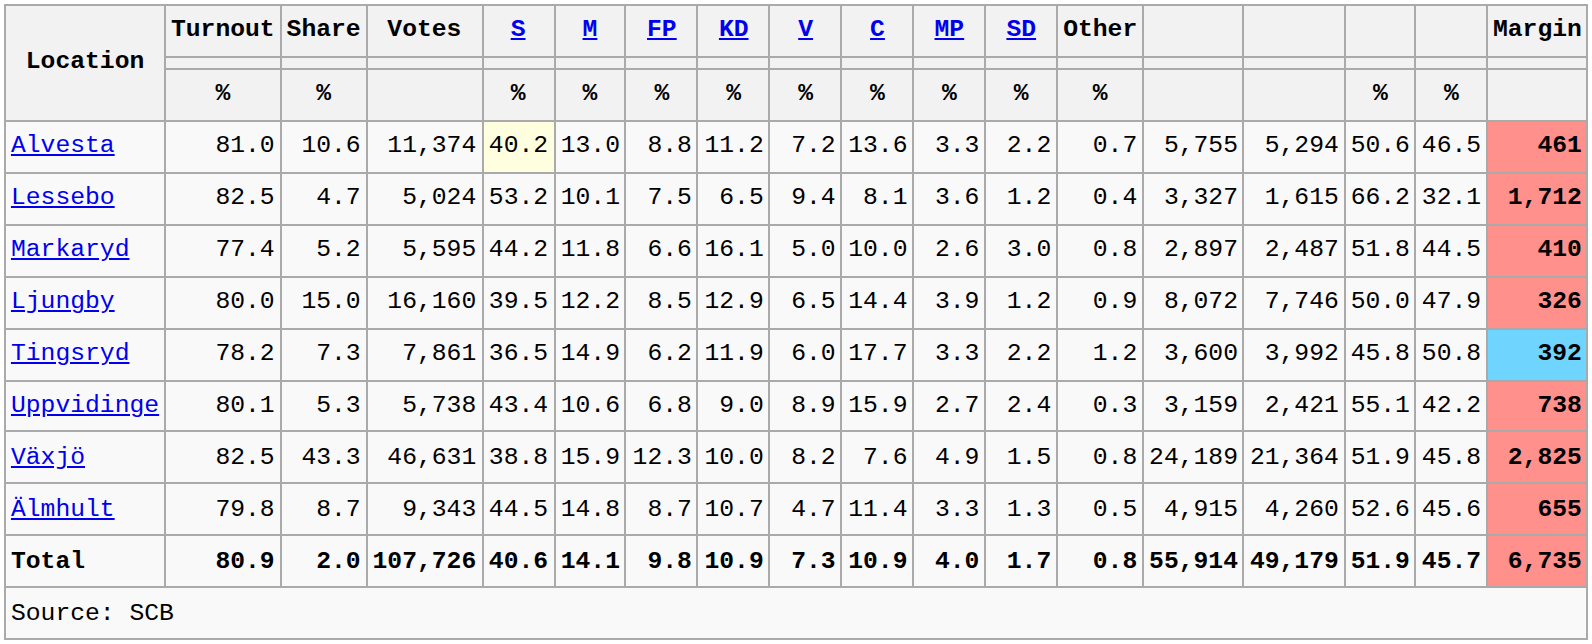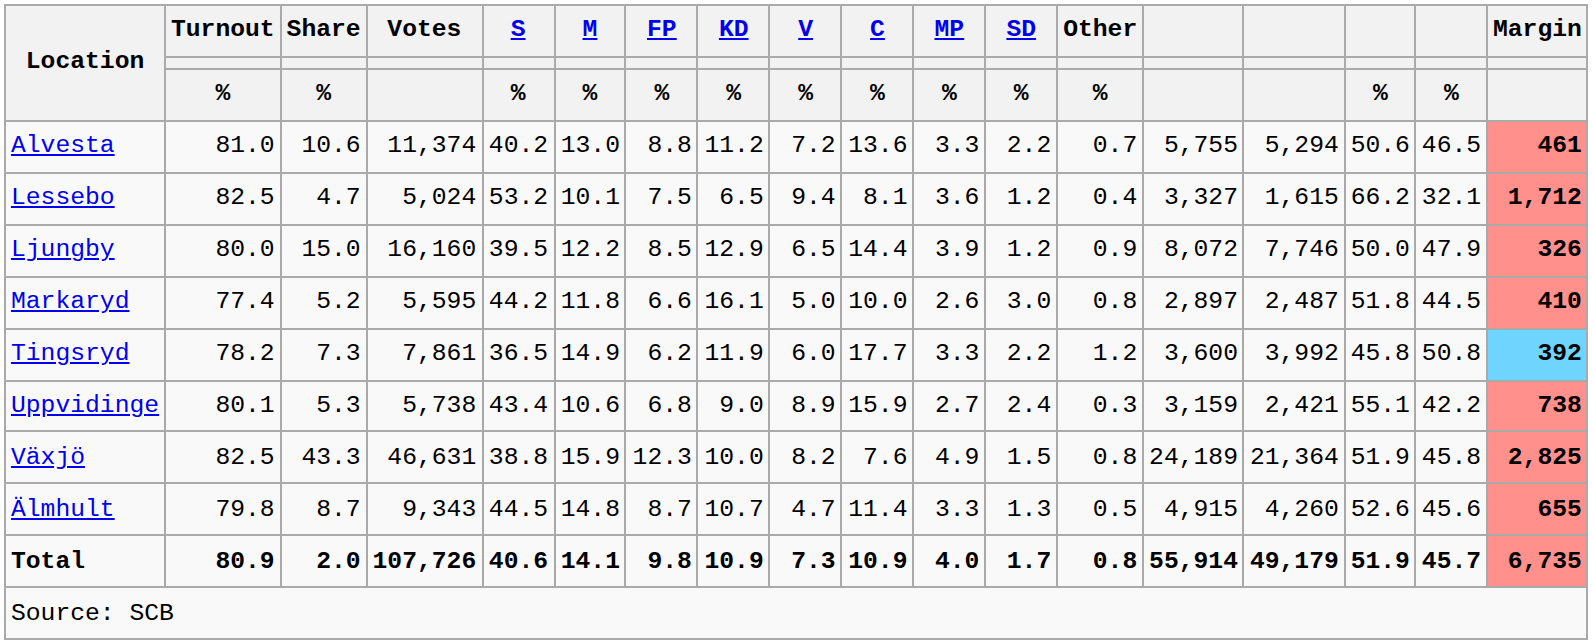 <table class="wikitable sortable" style="text-align:right; font-size:95%; line-height:20px;">
 <tr>
 <th rowspan="3">Location</th>
 <th>Turnout</th>
 <th>Share</th>
 <th>Votes</th>
 <th width="30px" class="unsortable"><a href='#'>S</a></th>
 <th width="30px" class="unsortable"><a href='#'>M</a></th>
 <th width="30px" class="unsortable"><a href='#'>FP</a></th>
 <th width="30px" class="unsortable"><a href='#'>KD</a></th>
 <th width="30px" class="unsortable"><a href='#'>V</a></th>
 <th width="30px" class="unsortable"><a href='#'>C</a></th>
 <th width="30px" class="unsortable"><a href='#'>MP</a></th>
 <th width="30px" class="unsortable"><a href='#'>SD</a></th>
 <th width="30px" class="unsortable">Other</th>
 <th></th>
 <th></th>
 <th></th>
 <th></th>
 <th>Margin</th>
 </tr>
 <tr>
 <th></th>
 <th></th>
 <th></th>
 <th style="background:"></th>
 <th style="background:"></th>
 <th style="background:"></th>
 <th style="background:"></th>
 <th style="background:"></th>
 <th style="background:"></th>
 <th style="background:"></th>
 <th style="background:"></th>
 <th style="background:"></th>
 <th style="background:"></th>
 <th style="background:"></th>
 <th style="background:"></th>
 <th style="background:"></th>
 <th></th>
 </tr>
 <tr>
 <th data-sort-type="number">%</th>
 <th data-sort-type="number">%</th>
 <th></th>
 <th data-sort-type="number">%</th>
 <th data-sort-type="number">%</th>
 <th data-sort-type="number">%</th>
 <th data-sort-type="number">%</th>
 <th data-sort-type="number">%</th>
 <th data-sort-type="number">%</th>
 <th data-sort-type="number">%</th>
 <th data-sort-type="number">%</th>
 <th data-sort-type="number">%</th>
 <th data-sort-type="number"></th>
 <th data-sort-type="number"></th>
 <th data-sort-type="number">%</th>
 <th data-sort-type="number">%</th>
 <th data-sort-type="number"></th>
 </tr>
 <tr>
 <td align=left><a href='#'>Alvesta</a></td>
 <td>81.0</td>
 <td>10.6</td>
 <td>11,374</td>
-<td style="background: lightyellow;">40.2</td>
+<td>40.2</td>
 <td>13.0</td>
 <td>8.8</td>
 <td>11.2</td>
 <td>7.2</td>
 <td>13.6</td>
 <td>3.3</td>
 <td>2.2</td>
 <td>0.7</td>
 <td>5,755</td>
 <td>5,294</td>
 <td>50.6</td>
 <td>46.5</td>
 <td bgcolor=#ff908c><strong>461</strong></td>
 </tr>
 <tr>
 <td align=left><a href='#'>Lessebo</a></td>
 <td>82.5</td>
 <td>4.7</td>
 <td>5,024</td>
 <td>53.2</td>
 <td>10.1</td>
 <td>7.5</td>
 <td>6.5</td>
 <td>9.4</td>
 <td>8.1</td>
 <td>3.6</td>
 <td>1.2</td>
 <td>0.4</td>
 <td>3,327</td>
 <td>1,615</td>
 <td>66.2</td>
 <td>32.1</td>
 <td bgcolor=#ff908c><strong>1,712</strong></td>
 </tr>
 <tr>
+<td align=left><a href='#'>Ljungby</a></td>
+<td>80.0</td>
+<td>15.0</td>
+<td>16,160</td>
+<td>39.5</td>
+<td>12.2</td>
+<td>8.5</td>
+<td>12.9</td>
+<td>6.5</td>
+<td>14.4</td>
+<td>3.9</td>
+<td>1.2</td>
+<td>0.9</td>
+<td>8,072</td>
+<td>7,746</td>
+<td>50.0</td>
+<td>47.9</td>
+<td bgcolor=#ff908c><strong>326</strong></td>
+</tr>
+<tr>
 <td align=left><a href='#'>Markaryd</a></td>
 <td>77.4</td>
 <td>5.2</td>
 <td>5,595</td>
 <td>44.2</td>
 <td>11.8</td>
 <td>6.6</td>
 <td>16.1</td>
 <td>5.0</td>
 <td>10.0</td>
 <td>2.6</td>
 <td>3.0</td>
 <td>0.8</td>
 <td>2,897</td>
 <td>2,487</td>
 <td>51.8</td>
 <td>44.5</td>
 <td bgcolor=#ff908c><strong>410</strong></td>
-</tr>
-<tr>
-<td align=left><a href='#'>Ljungby</a></td>
-<td>80.0</td>
-<td>15.0</td>
-<td>16,160</td>
-<td>39.5</td>
-<td>12.2</td>
-<td>8.5</td>
-<td>12.9</td>
-<td>6.5</td>
-<td>14.4</td>
-<td>3.9</td>
-<td>1.2</td>
-<td>0.9</td>
-<td>8,072</td>
-<td>7,746</td>
-<td>50.0</td>
-<td>47.9</td>
-<td bgcolor=#ff908c><strong>326</strong></td>
 </tr>
 <tr>
 <td align=left><a href='#'>Tingsryd</a></td>
 <td>78.2</td>
 <td>7.3</td>
 <td>7,861</td>
 <td>36.5</td>
 <td>14.9</td>
 <td>6.2</td>
 <td>11.9</td>
 <td>6.0</td>
 <td>17.7</td>
 <td>3.3</td>
 <td>2.2</td>
 <td>1.2</td>
 <td>3,600</td>
 <td>3,992</td>
 <td>45.8</td>
 <td>50.8</td>
 <td bgcolor=#6fd5fe><strong>392</strong></td>
 </tr>
 <tr>
 <td align=left><a href='#'>Uppvidinge</a></td>
 <td>80.1</td>
 <td>5.3</td>
 <td>5,738</td>
 <td>43.4</td>
 <td>10.6</td>
 <td>6.8</td>
 <td>9.0</td>
 <td>8.9</td>
 <td>15.9</td>
 <td>2.7</td>
 <td>2.4</td>
 <td>0.3</td>
 <td>3,159</td>
 <td>2,421</td>
 <td>55.1</td>
 <td>42.2</td>
 <td bgcolor=#ff908c><strong>738</strong></td>
 </tr>
 <tr>
 <td align=left><a href='#'>Växjö</a></td>
 <td>82.5</td>
 <td>43.3</td>
 <td>46,631</td>
 <td>38.8</td>
 <td>15.9</td>
 <td>12.3</td>
 <td>10.0</td>
 <td>8.2</td>
 <td>7.6</td>
 <td>4.9</td>
 <td>1.5</td>
 <td>0.8</td>
 <td>24,189</td>
 <td>21,364</td>
 <td>51.9</td>
 <td>45.8</td>
 <td bgcolor=#ff908c><strong>2,825</strong></td>
 </tr>
 <tr>
 <td align=left><a href='#'>Älmhult</a></td>
 <td>79.8</td>
 <td>8.7</td>
 <td>9,343</td>
 <td>44.5</td>
 <td>14.8</td>
 <td>8.7</td>
 <td>10.7</td>
 <td>4.7</td>
 <td>11.4</td>
 <td>3.3</td>
 <td>1.3</td>
 <td>0.5</td>
 <td>4,915</td>
 <td>4,260</td>
 <td>52.6</td>
 <td>45.6</td>
 <td bgcolor=#ff908c><strong>655</strong></td>
 </tr>
 <tr>
 <td align=left><strong>Total</strong></td>
 <td><strong>80.9</strong></td>
 <td><strong>2.0</strong></td>
 <td><strong>107,726</strong></td>
 <td><strong>40.6</strong></td>
 <td><strong>14.1</strong></td>
 <td><strong>9.8</strong></td>
 <td><strong>10.9</strong></td>
 <td><strong>7.3</strong></td>
 <td><strong>10.9</strong></td>
 <td><strong>4.0</strong></td>
 <td><strong>1.7</strong></td>
 <td><strong>0.8</strong></td>
 <td><strong>55,914</strong></td>
 <td><strong>49,179</strong></td>
 <td><strong>51.9</strong></td>
 <td><strong>45.7</strong></td>
 <td bgcolor=#ff908c><strong>6,735</strong></td>
 </tr>
 <tr>
 <td align=left colspan=18>Source: SCB </td>
 </tr>
 </table>
